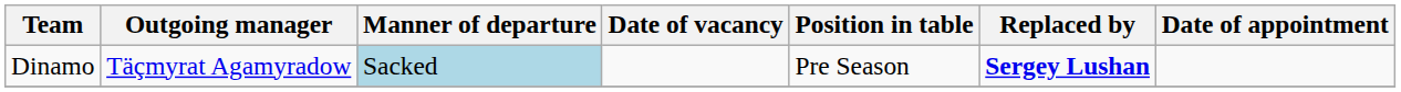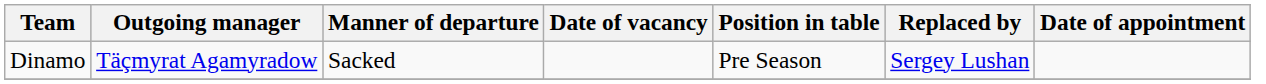 <table class="wikitable sortable">
 <tr>
 <th>Team</th>
 <th>Outgoing manager</th>
 <th>Manner of departure</th>
 <th>Date of vacancy</th>
 <th>Position in table</th>
 <th>Replaced by</th>
 <th>Date of appointment</th>
 </tr>
 <tr>
 <td>Dinamo</td>
 <td> <a href='#'>Täçmyrat Agamyradow</a></td>
-<td style="background: lightblue;">Sacked</td>
+<td>Sacked</td>
 <td></td>
 <td>Pre Season</td>
-<td><strong> <a href='#'>Sergey Lushan</a></strong></td>
+<td> <a href='#'>Sergey Lushan</a></td>
 <td></td>
 </tr>
 <tr>
 </tr>
 </table>
